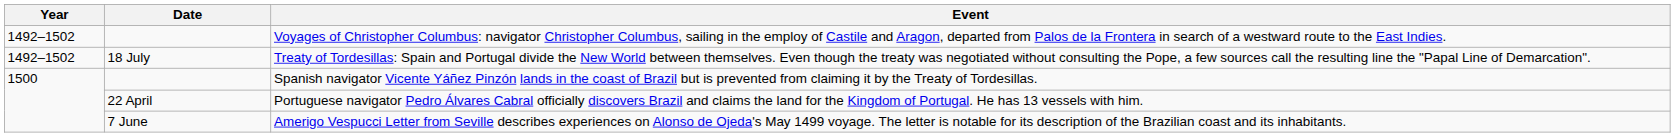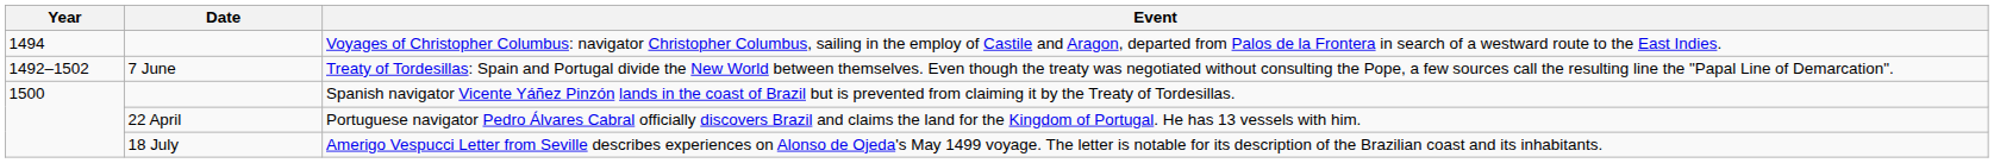 <table class="wikitable" width="100%">
 <tr>
 <th style="width:6%">Year</th>
 <th style="width:10%">Date</th>
 <th>Event</th>
 </tr>
 <tr>
-<td>1492–1502</td>
+<td>1494</td>
 <td></td>
 <td><a href='#'>Voyages of Christopher Columbus</a>: navigator <a href='#'>Christopher Columbus</a>, sailing in the employ of <a href='#'>Castile</a> and <a href='#'>Aragon</a>, departed from <a href='#'>Palos de la Frontera</a> in search of a westward route to the <a href='#'>East Indies</a>.</td>
 </tr>
 <tr>
 <td>1492–1502</td>
-<td>18 July</td>
+<td>7 June</td>
 <td><a href='#'>Treaty of Tordesillas</a>: Spain and Portugal divide the <a href='#'>New World</a> between themselves. Even though the treaty was negotiated without consulting the Pope, a few sources call the resulting line the "Papal Line of Demarcation".</td>
 </tr>
 <tr>
 <td rowspan="3" style="vertical-align:top;">1500</td>
 <td></td>
 <td>Spanish navigator <a href='#'>Vicente Yáñez Pinzón</a> <a href='#'>lands in the coast of Brazil</a> but is prevented from claiming it by the Treaty of Tordesillas.</td>
 </tr>
 <tr>
 <td>22 April</td>
 <td>Portuguese navigator <a href='#'>Pedro Álvares Cabral</a> officially <a href='#'>discovers Brazil</a> and claims the land for the <a href='#'>Kingdom of Portugal</a>. He has 13 vessels with him.</td>
 </tr>
 <tr>
-<td>7 June</td>
+<td>18 July</td>
 <td><a href='#'>Amerigo Vespucci Letter from Seville</a> describes experiences on <a href='#'>Alonso de Ojeda</a>'s May 1499 voyage.  The letter is notable for its description of the Brazilian coast and its inhabitants.</td>
 </tr>
 </table>
